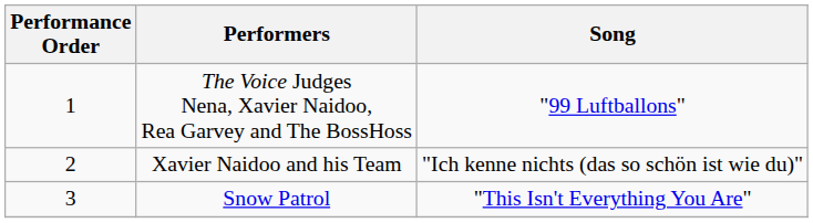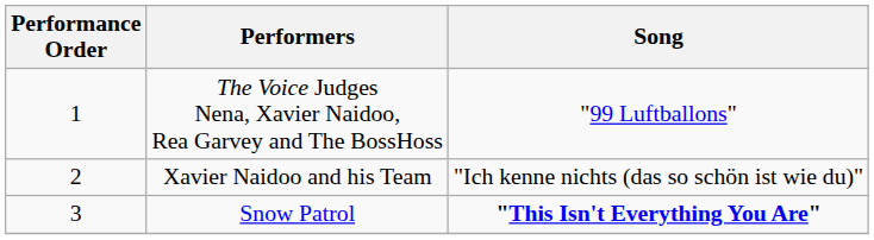 <table class="wikitable sortable" style="text-align: center; width: auto;">
 <tr>
 <th>Performance <br>Order</th>
 <th>Performers</th>
 <th>Song</th>
 </tr>
 <tr>
 <td>1</td>
 <td><em>The Voice</em> Judges <br>Nena, Xavier Naidoo, <br> Rea Garvey and The BossHoss</td>
 <td>"<a href='#'>99 Luftballons</a>"</td>
 </tr>
 <tr>
 <td>2</td>
 <td>Xavier Naidoo and his Team</td>
 <td>"Ich kenne nichts (das so schön ist wie du)"</td>
 </tr>
 <tr>
 <td>3</td>
 <td><a href='#'>Snow Patrol</a></td>
-<td>"<a href='#'>This Isn't Everything You Are</a>"</td>
+<td><strong>"<a href='#'>This Isn't Everything You Are</a>"</strong></td>
 </tr>
 <tr>
 </tr>
 </table>
